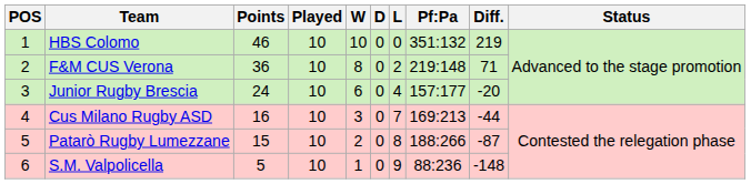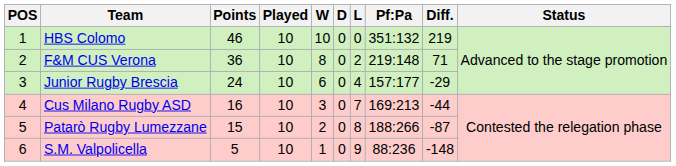 <table class="wikitable" style="float:left; margin-right:15px; text-align: center;">
 <tr>
 <th>POS</th>
 <th>Team</th>
 <th>Points</th>
 <th>Played</th>
 <th>W</th>
 <th>D</th>
 <th>L</th>
 <th>Pf:Pa</th>
 <th>Diff.</th>
 <th>Status</th>
 </tr>
 <tr style="background:#D0F0C0">
 <td>1</td>
 <td align=left><a href='#'>HBS Colomo</a></td>
 <td>46</td>
 <td>10</td>
 <td>10</td>
 <td>0</td>
 <td>0</td>
 <td>351:132</td>
 <td>219</td>
 <td rowspan=3>Advanced to the stage promotion</td>
 </tr>
 <tr style="background:#D0F0C0">
 <td>2</td>
 <td align=left><a href='#'>F&M CUS Verona</a></td>
 <td>36</td>
 <td>10</td>
 <td>8</td>
 <td>0</td>
 <td>2</td>
 <td>219:148</td>
 <td>71</td>
 </tr>
 <tr style="background:#D0F0C0">
 <td>3</td>
 <td align=left><a href='#'>Junior Rugby Brescia</a></td>
 <td>24</td>
 <td>10</td>
 <td>6</td>
 <td>0</td>
 <td>4</td>
 <td>157:177</td>
-<td>-20</td>
+<td>-29</td>
 </tr>
 <tr style="background:#FFCCCC">
 <td>4</td>
 <td align=left><a href='#'>Cus Milano Rugby ASD</a></td>
 <td>16</td>
 <td>10</td>
 <td>3</td>
 <td>0</td>
 <td>7</td>
 <td>169:213</td>
 <td>-44</td>
 <td rowspan=3>Contested the relegation phase</td>
 </tr>
 <tr style="background:#FFCCCC">
 <td>5</td>
 <td align=left><a href='#'>Patarò Rugby Lumezzane</a></td>
 <td>15</td>
 <td>10</td>
 <td>2</td>
 <td>0</td>
 <td>8</td>
 <td>188:266</td>
 <td>-87</td>
 </tr>
 <tr style="background:#FFCCCC">
 <td>6</td>
 <td align=left><a href='#'>S.M. Valpolicella</a></td>
 <td>5</td>
 <td>10</td>
 <td>1</td>
 <td>0</td>
 <td>9</td>
 <td>88:236</td>
 <td>-148</td>
 </tr>
 </table>
